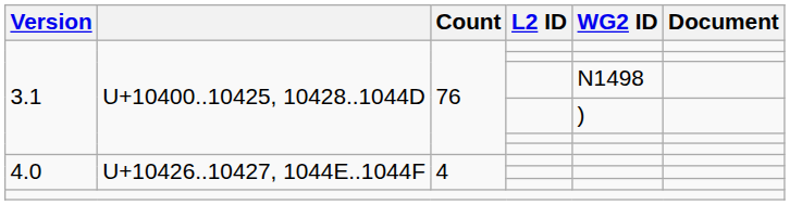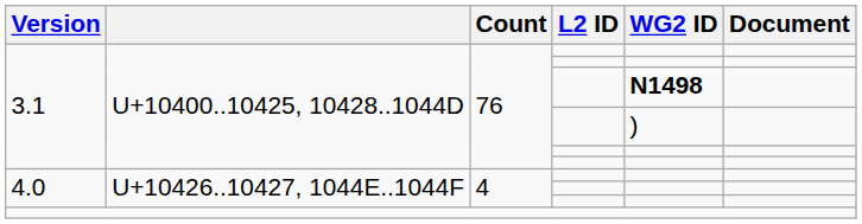 <table class="wikitable collapsible sticky-header">
 <tr>
 <th><a href='#'>Version</a></th>
 <th></th>
 <th>Count</th>
 <th><a href='#'>L2</a> ID</th>
 <th><a href='#'>WG2</a> ID</th>
 <th>Document</th>
 </tr>
 <tr>
 <td rowspan="6">3.1</td>
 <td rowspan="6">U+10400..10425, 10428..1044D</td>
 <td rowspan="6">76</td>
 <td></td>
 <td></td>
 <td></td>
 </tr>
 <tr>
 <td></td>
 <td></td>
 <td></td>
 </tr>
 <tr>
 <td></td>
-<td>N1498</td>
+<td><strong>N1498</strong></td>
 <td></td>
 </tr>
 <tr>
 <td></td>
 <td> )</td>
 <td></td>
 </tr>
 <tr>
 <td></td>
 <td></td>
 <td></td>
 </tr>
 <tr>
 <td></td>
 <td></td>
 <td></td>
 </tr>
 <tr>
 <td rowspan="3">4.0</td>
 <td rowspan="3">U+10426..10427, 1044E..1044F</td>
 <td rowspan="3">4</td>
 <td></td>
 <td></td>
 <td></td>
 </tr>
 <tr>
 <td></td>
 <td></td>
 <td></td>
 </tr>
 <tr>
 <td></td>
 <td></td>
 <td></td>
 </tr>
 <tr class="sortbottom">
 <td colspan="6"></td>
 </tr>
 </table>
